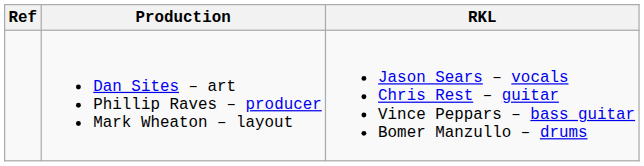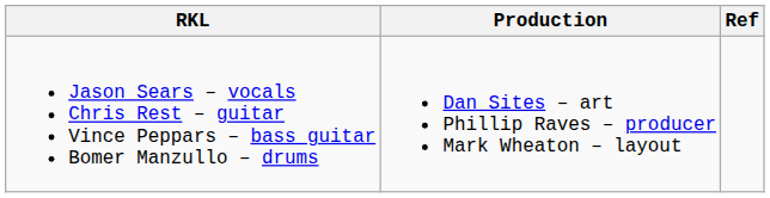 <table class="wikitable">
 <tr>
+<th style="text-align:center;">RKL</th>
+<th style="text-align:center;">Production</th>
 <th align="bottom">Ref</th>
-<th style="text-align:center;">Production</th>
-<th style="text-align:center;">RKL</th>
 </tr>
 <tr>
+<td><br><ul><li><a href='#'>Jason Sears</a> – <a href='#'>vocals</a></li><li><a href='#'>Chris Rest</a> – <a href='#'>guitar</a></li><li>Vince Peppars – <a href='#'>bass guitar</a></li><li>Bomer Manzullo – <a href='#'>drums</a></li></ul></td>
+<td><br> <ul><li><a href='#'>Dan Sites</a> – art</li><li>Phillip Raves – <a href='#'>producer</a></li><li>Mark Wheaton – layout</li></ul></td>
 <td style="text-align:center;"></td>
-<td><br> <ul><li><a href='#'>Dan Sites</a> – art</li><li>Phillip Raves – <a href='#'>producer</a></li><li>Mark Wheaton – layout</li></ul></td>
-<td><br><ul><li><a href='#'>Jason Sears</a> – <a href='#'>vocals</a></li><li><a href='#'>Chris Rest</a> – <a href='#'>guitar</a></li><li>Vince Peppars – <a href='#'>bass guitar</a></li><li>Bomer Manzullo – <a href='#'>drums</a></li></ul></td>
 </tr>
 </table>
